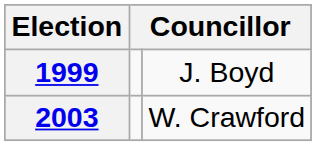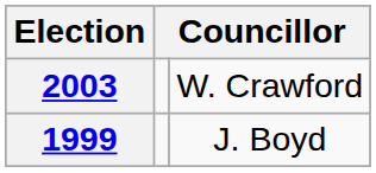 <table class="wikitable" style="text-align:center">
 <tr>
 <th>Election</th>
 <th colspan=2>Councillor</th>
 </tr>
 <tr>
+<th><a href='#'>2003</a></th>
+<td style="background-color: "></td>
+<td>W. Crawford</td>
+</tr>
+<tr>
 <th><a href='#'>1999</a></th>
 <td style="background-color: "></td>
 <td>J. Boyd</td>
 </tr>
-<tr>
-<th><a href='#'>2003</a></th>
-<td style="background-color: "></td>
-<td>W. Crawford</td>
-</tr>
 </table>
